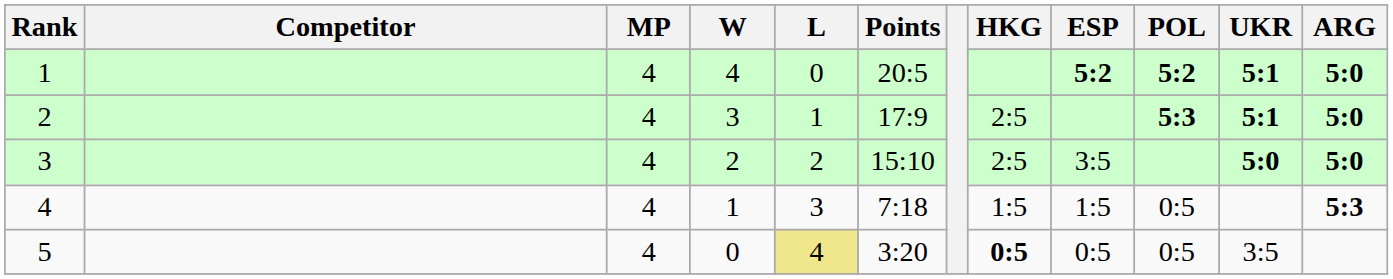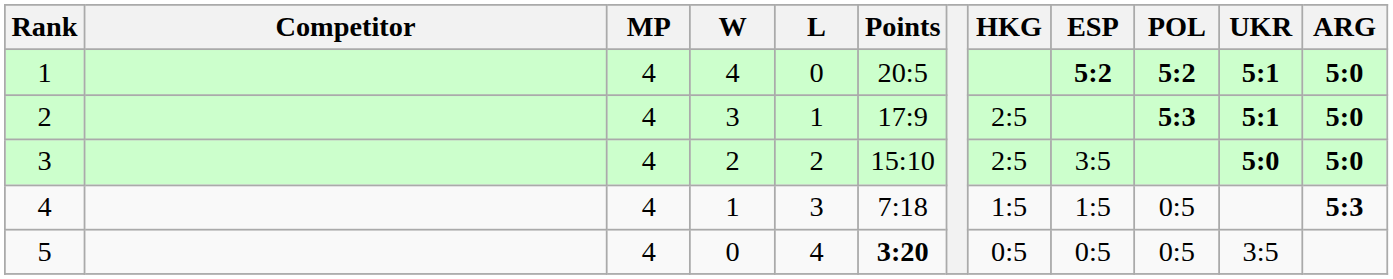 <table class="wikitable" style="text-align:center">
 <tr>
 <th>Rank</th>
 <th style="width:18em">Competitor</th>
 <th style="width:2.5em">MP</th>
 <th style="width:2.5em">W</th>
 <th style="width:2.5em">L</th>
 <th>Points</th>
 <th rowspan="6"> </th>
 <th style="width:2.5em">HKG</th>
 <th style="width:2.5em">ESP</th>
 <th style="width:2.5em">POL</th>
 <th style="width:2.5em">UKR</th>
 <th style="width:2.5em">ARG</th>
 </tr>
 <tr style="background:#cfc;">
 <td>1</td>
 <td style="text-align:left"></td>
 <td>4</td>
 <td>4</td>
 <td>0</td>
 <td>20:5</td>
 <td></td>
 <td><strong>5:2</strong></td>
 <td><strong>5:2</strong></td>
 <td><strong>5:1</strong></td>
 <td><strong>5:0</strong></td>
 </tr>
 <tr style="background:#cfc;">
 <td>2</td>
 <td style="text-align:left"></td>
 <td>4</td>
 <td>3</td>
 <td>1</td>
 <td>17:9</td>
 <td>2:5</td>
 <td></td>
 <td><strong>5:3</strong></td>
 <td><strong>5:1</strong></td>
 <td><strong>5:0</strong></td>
 </tr>
 <tr style="background:#cfc;">
 <td>3</td>
 <td style="text-align:left"></td>
 <td>4</td>
 <td>2</td>
 <td>2</td>
 <td>15:10</td>
 <td>2:5</td>
 <td>3:5</td>
 <td></td>
 <td><strong>5:0</strong></td>
 <td><strong>5:0</strong></td>
 </tr>
 <tr>
 <td>4</td>
 <td style="text-align:left"></td>
 <td>4</td>
 <td>1</td>
 <td>3</td>
 <td>7:18</td>
 <td>1:5</td>
 <td>1:5</td>
 <td>0:5</td>
 <td></td>
 <td><strong>5:3</strong></td>
 </tr>
 <tr>
 <td>5</td>
 <td style="text-align:left"></td>
 <td>4</td>
 <td>0</td>
-<td style="background: khaki;">4</td>
-<td>3:20</td>
-<td><strong>0:5</strong></td>
+<td>4</td>
+<td><strong>3:20</strong></td>
+<td>0:5</td>
 <td>0:5</td>
 <td>0:5</td>
 <td>3:5</td>
 <td></td>
 </tr>
 </table>
